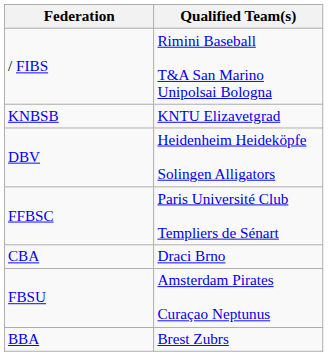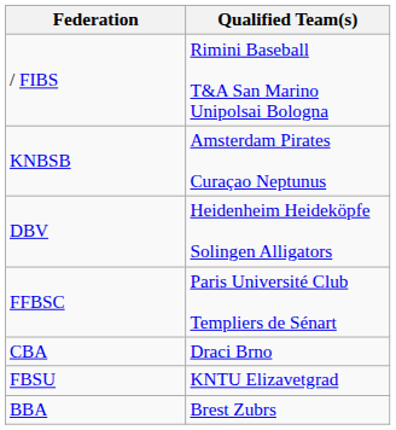 <table class="wikitable">
 <tr>
 <th width="150">Federation</th>
 <th width="170">Qualified Team(s)</th>
 </tr>
 <tr>
 <td>/ <a href='#'>FIBS</a></td>
 <td><a href='#'>Rimini Baseball</a><br><br><a href='#'>T&A San Marino</a><br> <a href='#'>Unipolsai Bologna</a></td>
 </tr>
 <tr>
 <td> <a href='#'>KNBSB</a></td>
-<td><a href='#'>KNTU Elizavetgrad</a></td>
+<td><a href='#'>Amsterdam Pirates</a><br><br><a href='#'>Curaçao Neptunus</a></td>
 </tr>
 <tr>
 <td> <a href='#'>DBV</a></td>
 <td><a href='#'>Heidenheim Heideköpfe</a><br><br><a href='#'>Solingen Alligators</a></td>
 </tr>
 <tr>
 <td> <a href='#'>FFBSC</a></td>
 <td><a href='#'>Paris Université Club</a><br><br><a href='#'>Templiers de Sénart</a></td>
 </tr>
 <tr>
 <td> <a href='#'>CBA</a></td>
 <td><a href='#'>Draci Brno</a></td>
 </tr>
 <tr>
 <td> <a href='#'>FBSU</a></td>
-<td><a href='#'>Amsterdam Pirates</a><br><br><a href='#'>Curaçao Neptunus</a></td>
+<td><a href='#'>KNTU Elizavetgrad</a></td>
 </tr>
 <tr>
 <td> <a href='#'>BBA</a></td>
 <td><a href='#'>Brest Zubrs</a></td>
 </tr>
 </table>
